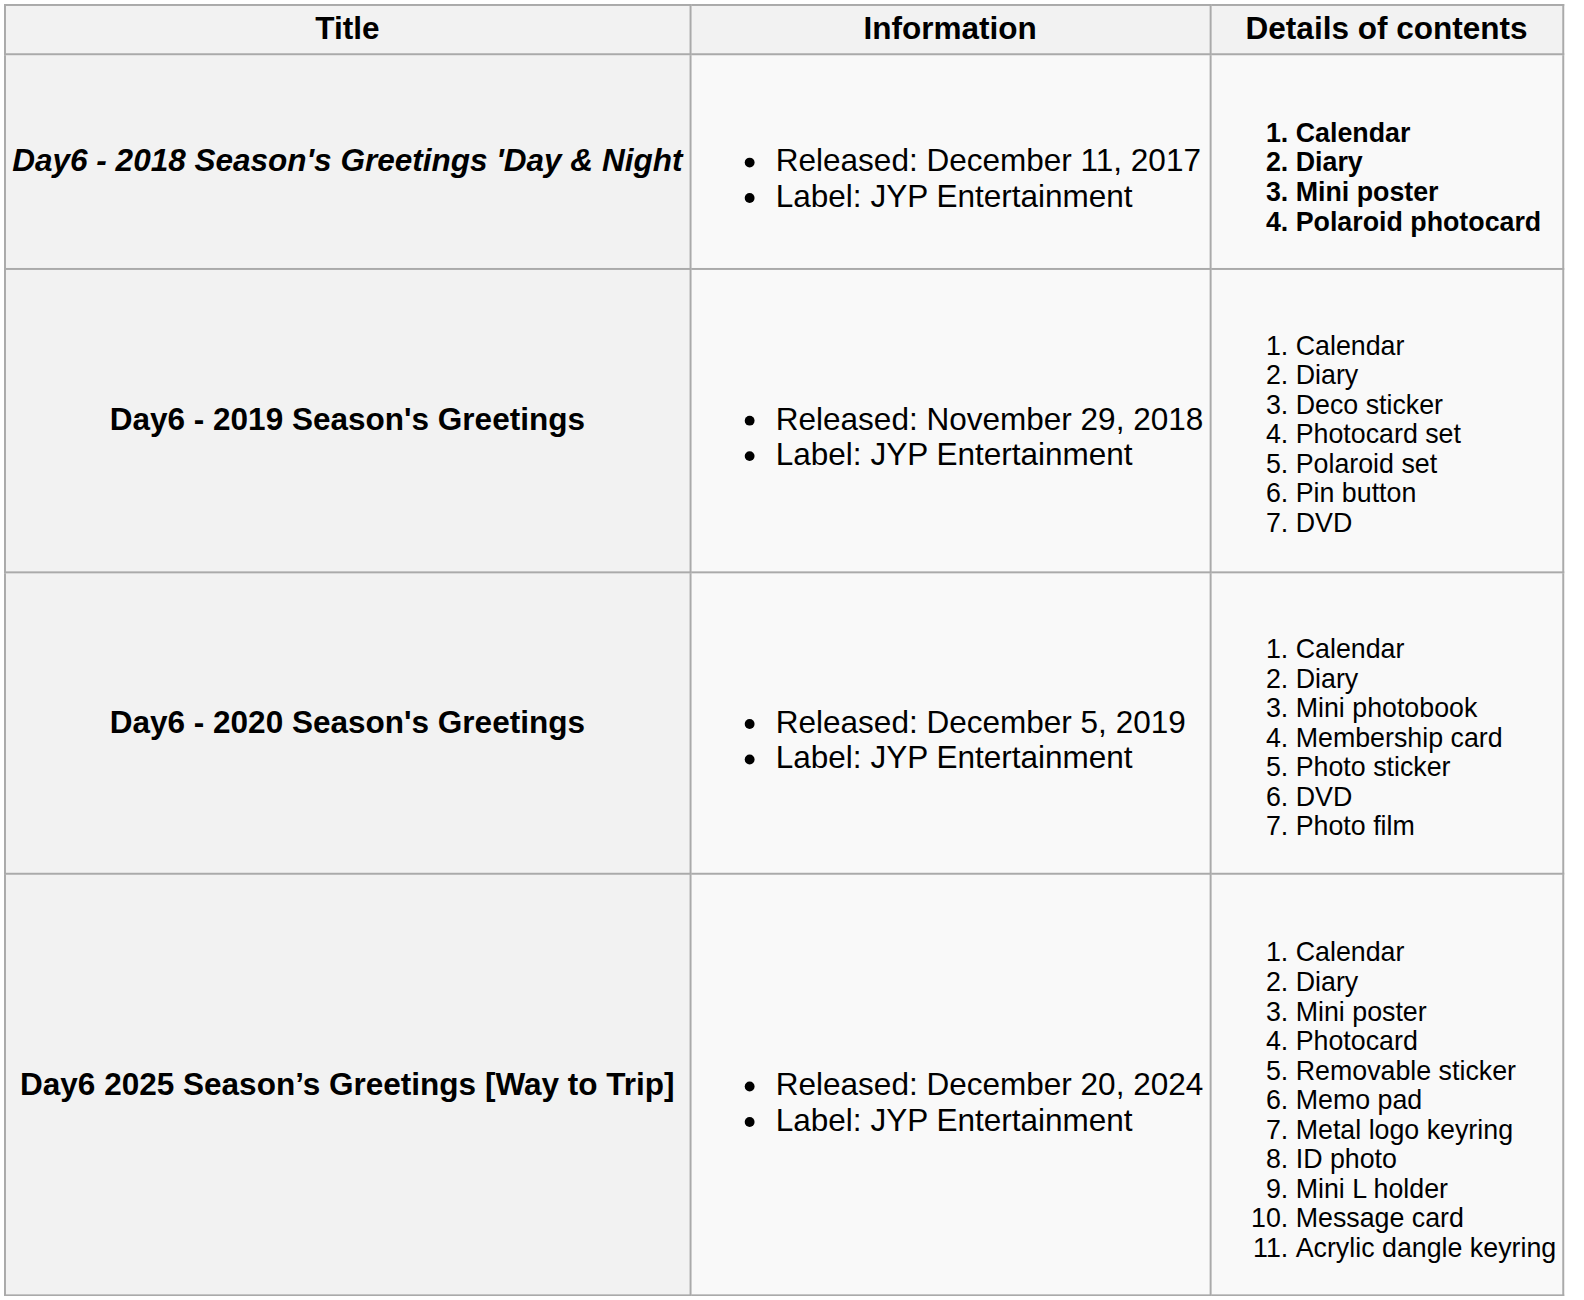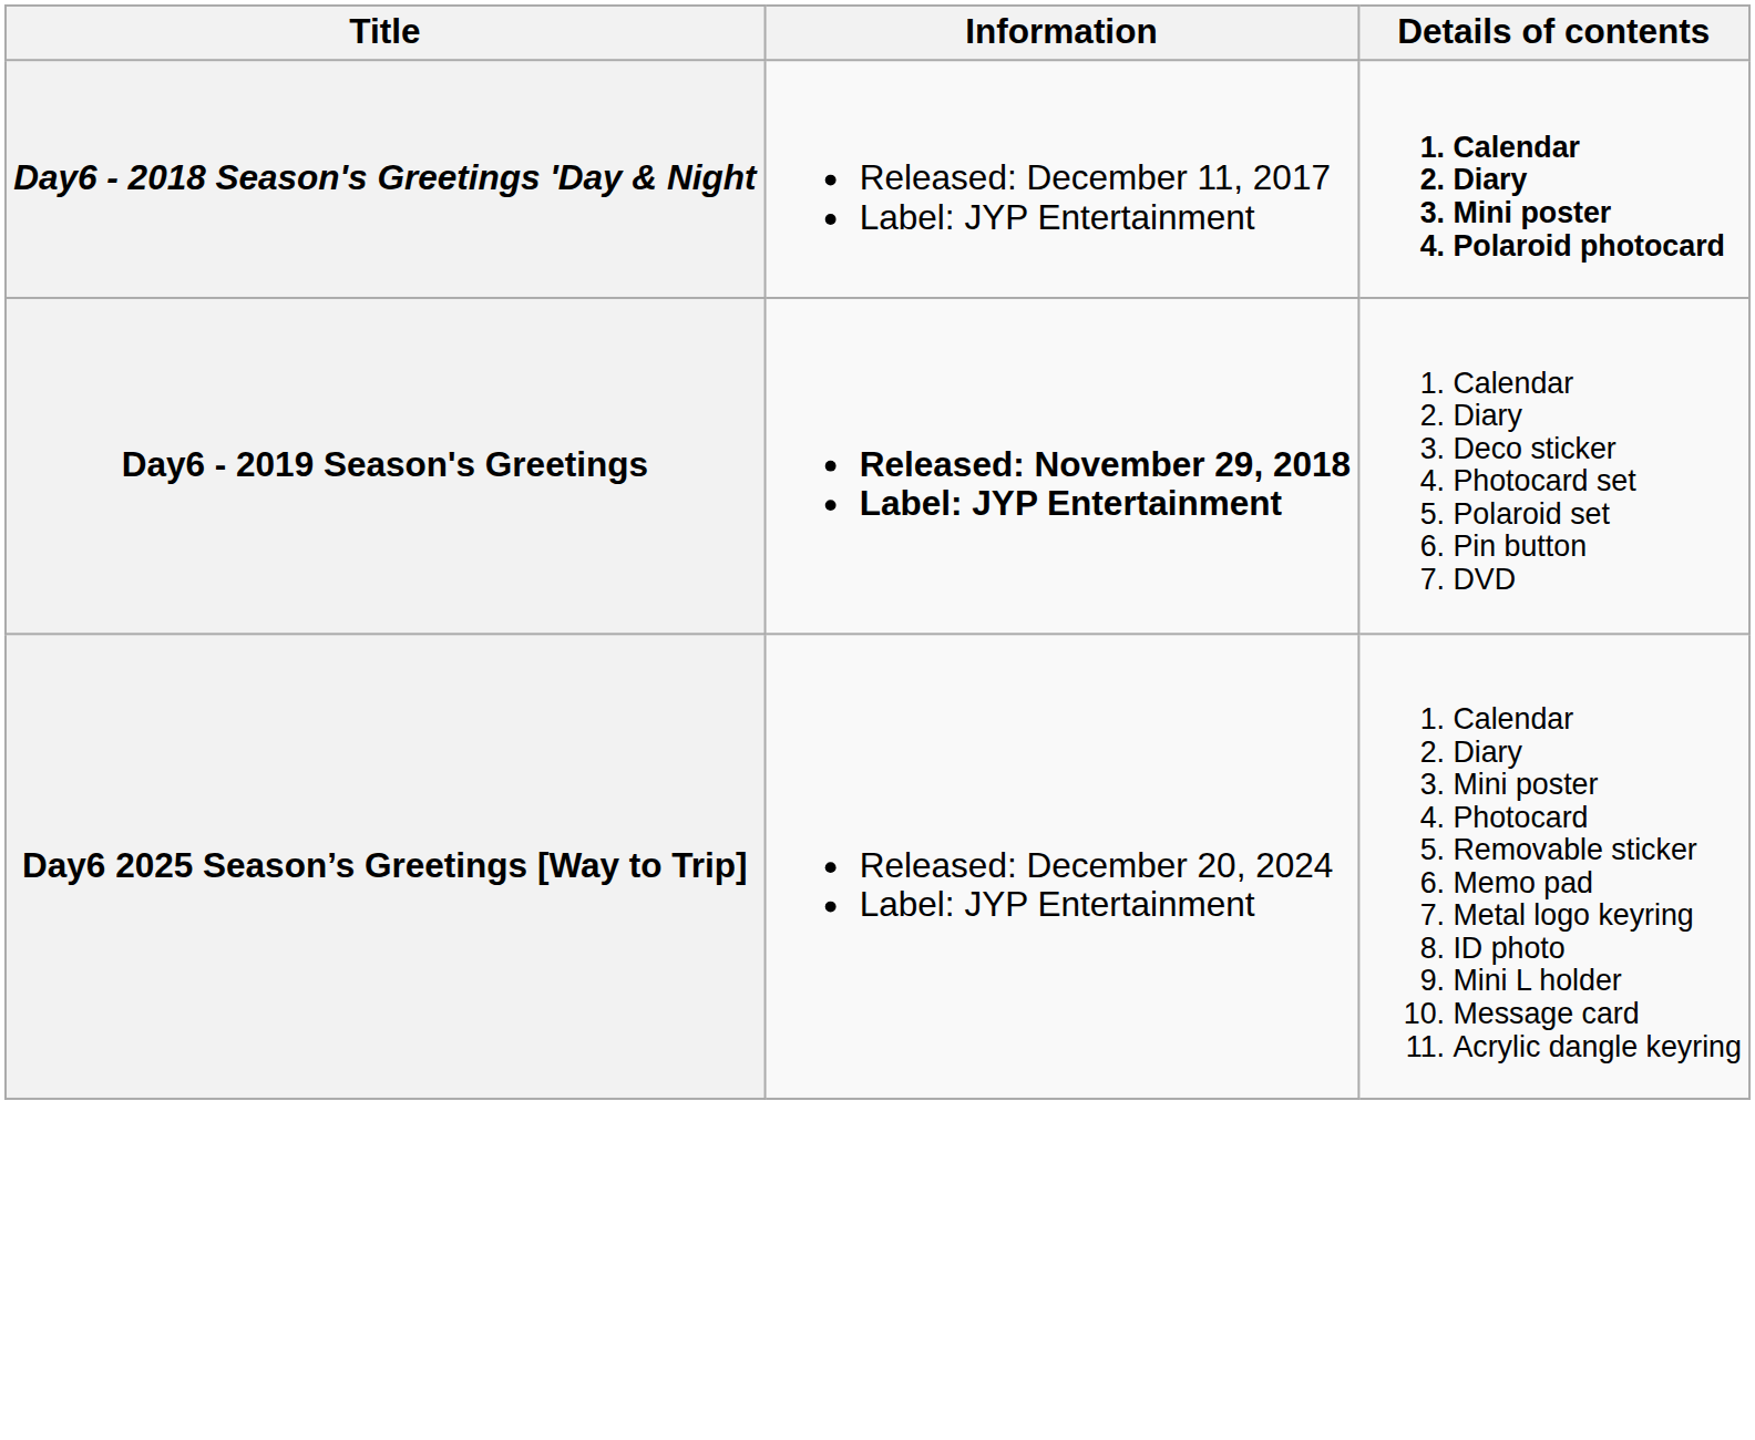 <table class="wikitable plainrowheaders">
 <tr>
 <th scope="col">Title</th>
 <th scope="col">Information</th>
 <th scope="col">Details of contents</th>
 </tr>
 <tr>
 <th scope="row"><em>Day6 - 2018 Season's Greetings 'Day & Night<strong></th>
 <td><br><ul><li>Released: December 11, 2017</li><li>Label: JYP Entertainment</li></ul></td>
 <td style="font-size: 85%"><strong><br><ol><li>Calendar</li><li>Diary</li><li>Mini poster</li><li>Polaroid photocard</li></ol></strong></td>
 </tr>
 <tr>
 <th scope="row"></em>Day6 - 2019 Season's Greetings<em></th>
-<td><br><ul><li>Released: November 29, 2018</li><li>Label: JYP Entertainment</li></ul></td>
+<td><strong><br><ul><li>Released: November 29, 2018</li><li>Label: JYP Entertainment</li></ul></strong></td>
 <td style="font-size: 85%"><br><ol><li>Calendar</li><li>Diary</li><li>Deco sticker</li><li>Photocard set</li><li>Polaroid set</li><li>Pin button</li><li>DVD</li></ol></td>
-</tr>
-<tr>
-<th scope="row"></em>Day6 - 2020 Season's Greetings<em></th>
-<td><br><ul><li>Released: December 5, 2019</li><li>Label: JYP Entertainment</li></ul></td>
-<td style="font-size: 85%"><br><ol><li>Calendar</li><li>Diary</li><li>Mini photobook</li><li>Membership card</li><li>Photo sticker</li><li>DVD</li><li>Photo film</li></ol></td>
 </tr>
 <tr>
 <th scope="row"></em>Day6 2025 Season’s Greetings [Way to Trip]<em></th>
 <td><br><ul><li>Released: December 20, 2024</li><li>Label: JYP Entertainment</li></ul></td>
 <td style="font-size: 85%"><br><ol><li>Calendar</li><li>Diary</li><li>Mini poster</li><li>Photocard</li><li>Removable sticker</li><li>Memo pad</li><li>Metal logo keyring</li><li>ID photo</li><li>Mini L holder</li><li>Message card</li><li>Acrylic dangle keyring</li></ol></td>
 </tr>
 </table>
